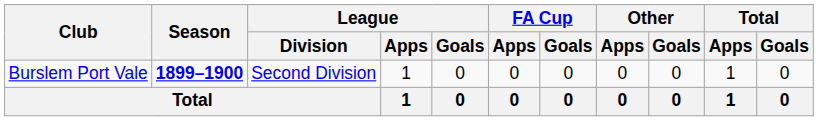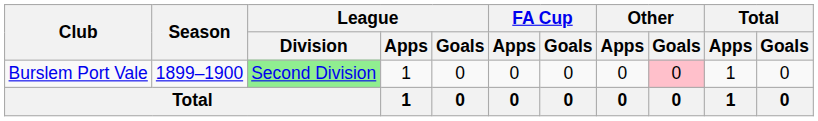 <table class="wikitable" style="text-align:center">
 <tr>
 <th rowspan="2">Club</th>
 <th rowspan="2">Season</th>
 <th colspan="3">League</th>
 <th colspan="2"><a href='#'>FA Cup</a></th>
 <th colspan="2">Other</th>
 <th colspan="2">Total</th>
 </tr>
 <tr>
 <th>Division</th>
 <th>Apps</th>
 <th>Goals</th>
 <th>Apps</th>
 <th>Goals</th>
 <th>Apps</th>
 <th>Goals</th>
 <th>Apps</th>
 <th>Goals</th>
 </tr>
 <tr>
 <td><a href='#'>Burslem Port Vale</a></td>
-<td><strong><a href='#'>1899–1900</a></strong></td>
-<td><a href='#'>Second Division</a></td>
+<td><a href='#'>1899–1900</a></td>
+<td style="background: lightgreen;"><a href='#'>Second Division</a></td>
 <td>1</td>
 <td>0</td>
 <td>0</td>
 <td>0</td>
 <td>0</td>
-<td>0</td>
+<td style="background: pink;">0</td>
 <td>1</td>
 <td>0</td>
 </tr>
 <tr>
 <th colspan="3">Total</th>
 <th>1</th>
 <th>0</th>
 <th>0</th>
 <th>0</th>
 <th>0</th>
 <th>0</th>
 <th>1</th>
 <th>0</th>
 </tr>
 </table>
